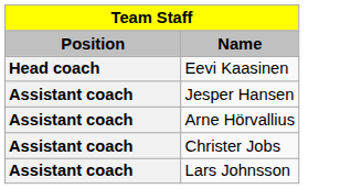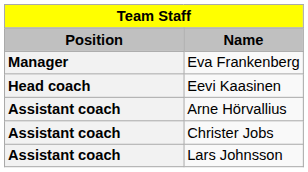 <table class="wikitable" style="text-align:left; font-size:90%;">
 <tr>
 <th style=background:Yellow colspan=2>Team Staff</th>
 </tr>
 <tr>
 <th width=60% style="background:silver;">Position</th>
 <th style="background:silver;">Name</th>
 </tr>
 <tr>
+<th style="text-align:left;">Manager</th>
+<td>Eva Frankenberg</td>
+</tr>
+<tr>
 <th style="text-align:left;">Head coach</th>
 <td>Eevi Kaasinen</td>
-</tr>
-<tr>
-<th style="text-align:left;">Assistant coach</th>
-<td>Jesper Hansen</td>
 </tr>
 <tr>
 <th style="text-align:left;">Assistant coach</th>
 <td>Arne Hörvallius</td>
 </tr>
 <tr>
 <th style="text-align:left;">Assistant coach</th>
 <td>Christer Jobs</td>
 </tr>
 <tr>
 <th style="text-align:left;">Assistant coach</th>
 <td>Lars Johnsson</td>
 </tr>
 </table>
